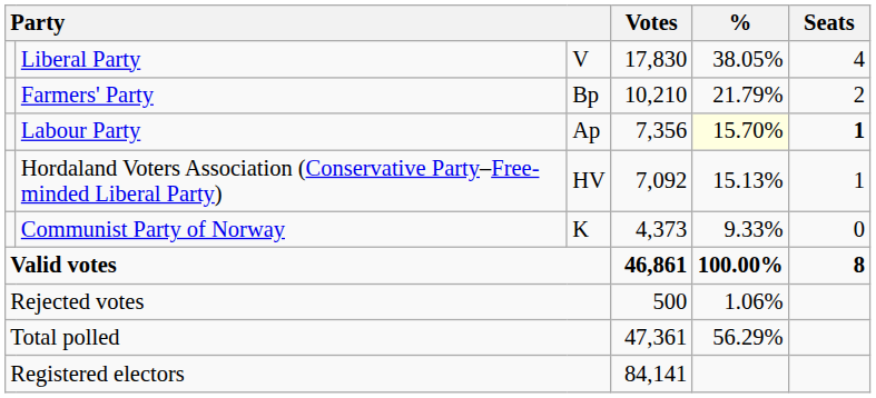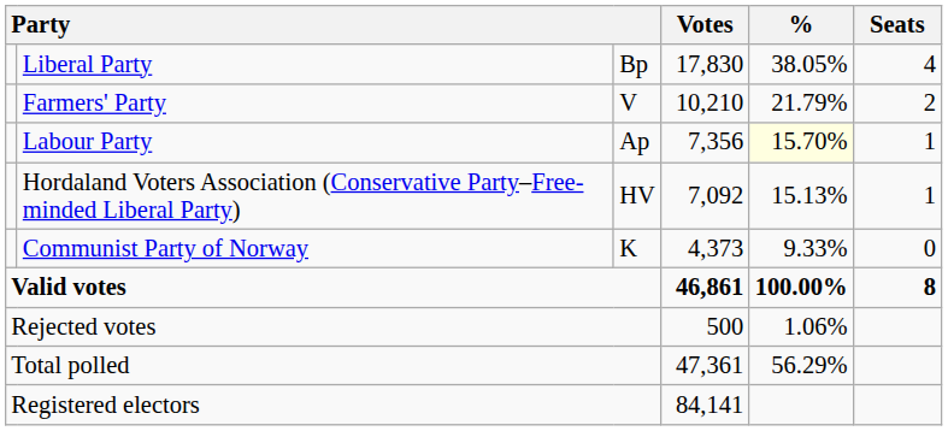 <table class="wikitable" border="1" style="text-align:right;">
 <tr>
 <th style="text-align:left;" colspan=3>Party</th>
 <th align=center width="50">Votes</th>
 <th align=center width="50">%</th>
 <th align=center width="50">Seats</th>
 </tr>
 <tr>
 <td style="color:inherit;background:"></td>
 <td align=left><a href='#'>Liberal Party</a></td>
-<td align=left>V</td>
+<td align=left>Bp</td>
 <td>17,830</td>
 <td>38.05%</td>
 <td>4</td>
 </tr>
 <tr>
 <td style="color:inherit;background:"></td>
 <td align=left><a href='#'>Farmers' Party</a></td>
-<td align=left>Bp</td>
+<td align=left>V</td>
 <td>10,210</td>
 <td>21.79%</td>
 <td>2</td>
 </tr>
 <tr>
 <td style="color:inherit;background:"></td>
 <td align=left><a href='#'>Labour Party</a></td>
 <td align=left>Ap</td>
 <td>7,356</td>
 <td style="background: lightyellow;">15.70%</td>
-<td><strong>1</strong></td>
+<td>1</td>
 </tr>
 <tr>
 <td></td>
 <td align=left>Hordaland Voters Association (<a href='#'>Conservative Party</a>–<a href='#'>Free-minded Liberal Party</a>)</td>
 <td align=left>HV</td>
 <td>7,092</td>
 <td>15.13%</td>
 <td>1</td>
 </tr>
 <tr>
 <td style="color:inherit;background:"></td>
 <td align=left><a href='#'>Communist Party of Norway</a></td>
 <td align=left>K</td>
 <td>4,373</td>
 <td>9.33%</td>
 <td>0</td>
 </tr>
 <tr style="font-weight:bold">
 <td align=left colspan=3>Valid votes</td>
 <td>46,861</td>
 <td>100.00%</td>
 <td>8</td>
 </tr>
 <tr>
 <td align=left colspan=3>Rejected votes</td>
 <td>500</td>
 <td>1.06%</td>
 <td></td>
 </tr>
 <tr>
 <td align=left colspan=3>Total polled</td>
 <td>47,361</td>
 <td>56.29%</td>
 <td></td>
 </tr>
 <tr>
 <td align=left colspan=3>Registered electors</td>
 <td>84,141</td>
 <td></td>
 <td></td>
 </tr>
 </table>
